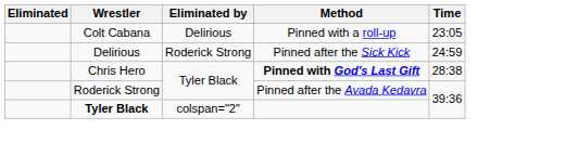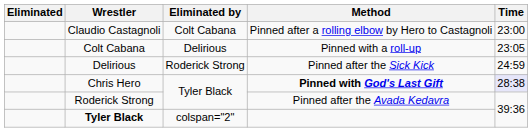 <table class="wikitable sortable" style="text-align:center;">
 <tr>
 <th>Eliminated</th>
 <th>Wrestler</th>
 <th>Eliminated by</th>
 <th>Method</th>
 <th>Time</th>
+</tr>
+<tr>
+<td></td>
+<td>Claudio Castagnoli</td>
+<td>Colt Cabana</td>
+<td>Pinned after a <a href='#'>rolling elbow</a> by Hero to Castagnoli</td>
+<td>23:00</td>
 </tr>
 <tr>
 <td></td>
 <td>Colt Cabana</td>
 <td>Delirious</td>
 <td>Pinned with a <a href='#'>roll-up</a></td>
 <td>23:05</td>
 </tr>
 <tr>
 <td></td>
 <td>Delirious</td>
 <td>Roderick Strong</td>
 <td>Pinned after the <em><a href='#'>Sick Kick</a></em></td>
 <td>24:59</td>
 </tr>
 <tr>
 <td></td>
 <td>Chris Hero</td>
 <td rowspan=2>Tyler Black</td>
 <td><strong>Pinned with <em><a href='#'>God's Last Gift</a></em></strong></td>
-<td>28:38</td>
+<td style="background: lavender;">28:38</td>
 </tr>
 <tr>
 <td></td>
 <td>Roderick Strong</td>
 <td>Pinned after the <em><a href='#'>Avada Kedavra</a></em></td>
 <td rowspan=2>39:36</td>
 </tr>
 <tr>
 <td></td>
 <td><strong>Tyler Black</strong></td>
 <td>colspan="2" </td>
 </tr>
 </table>
